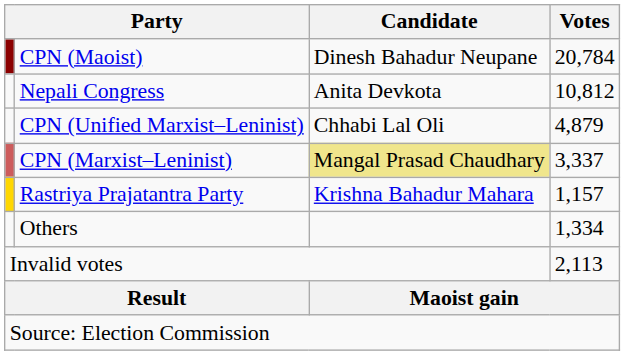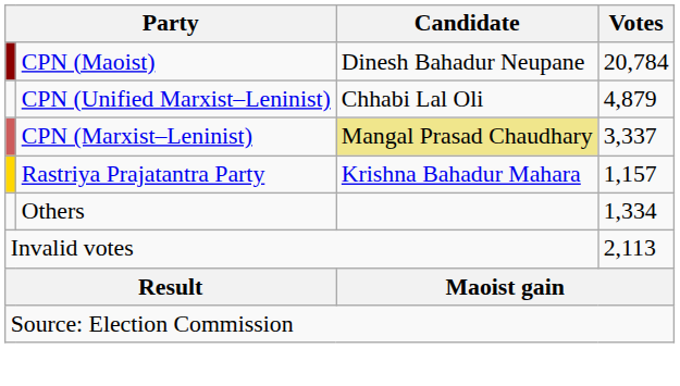 <table class="wikitable">
 <tr>
 <th colspan="2">Party</th>
 <th>Candidate</th>
 <th>Votes</th>
 </tr>
 <tr>
 <td style="background-color:darkred"></td>
 <td><a href='#'>CPN (Maoist)</a></td>
 <td>Dinesh Bahadur Neupane</td>
 <td>20,784</td>
-</tr>
-<tr>
-<td style="background-color:"></td>
-<td><a href='#'>Nepali Congress</a></td>
-<td>Anita Devkota</td>
-<td>10,812</td>
 </tr>
 <tr>
 <td style="background-color:"></td>
 <td><a href='#'>CPN (Unified Marxist–Leninist)</a></td>
 <td>Chhabi Lal Oli</td>
 <td>4,879</td>
 </tr>
 <tr>
 <td style="background-color:indianred"></td>
 <td><a href='#'>CPN (Marxist–Leninist)</a></td>
 <td style="background: khaki;">Mangal Prasad Chaudhary</td>
 <td>3,337</td>
 </tr>
 <tr>
 <td style="background-color:gold"></td>
 <td><a href='#'>Rastriya Prajatantra Party</a></td>
 <td><a href='#'>Krishna Bahadur Mahara</a></td>
 <td>1,157</td>
 </tr>
 <tr>
 <td></td>
 <td>Others</td>
 <td></td>
 <td>1,334</td>
 </tr>
 <tr>
 <td colspan="3">Invalid votes</td>
 <td>2,113</td>
 </tr>
 <tr>
 <th colspan="2">Result</th>
 <th colspan="2">Maoist gain</th>
 </tr>
 <tr>
 <td colspan="4">Source: Election Commission</td>
 </tr>
 </table>
